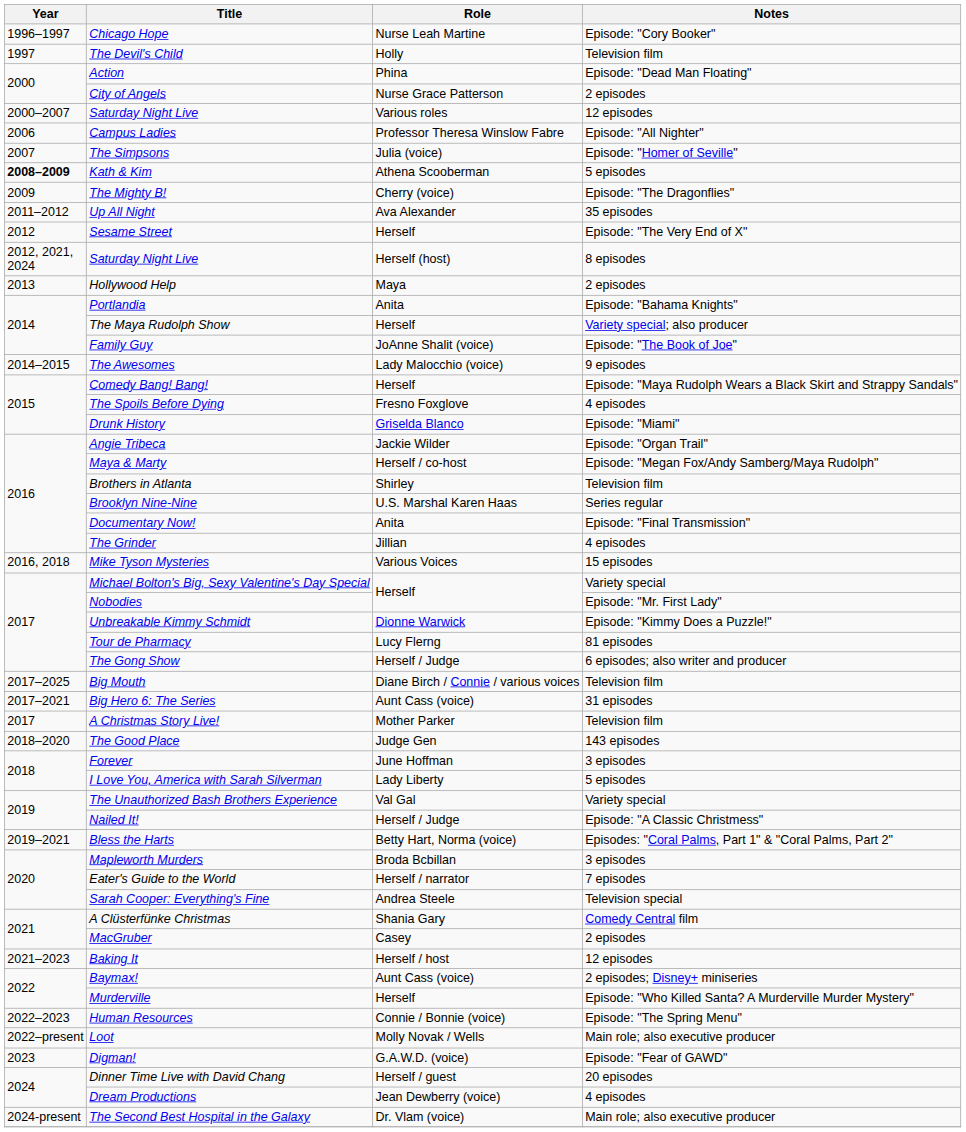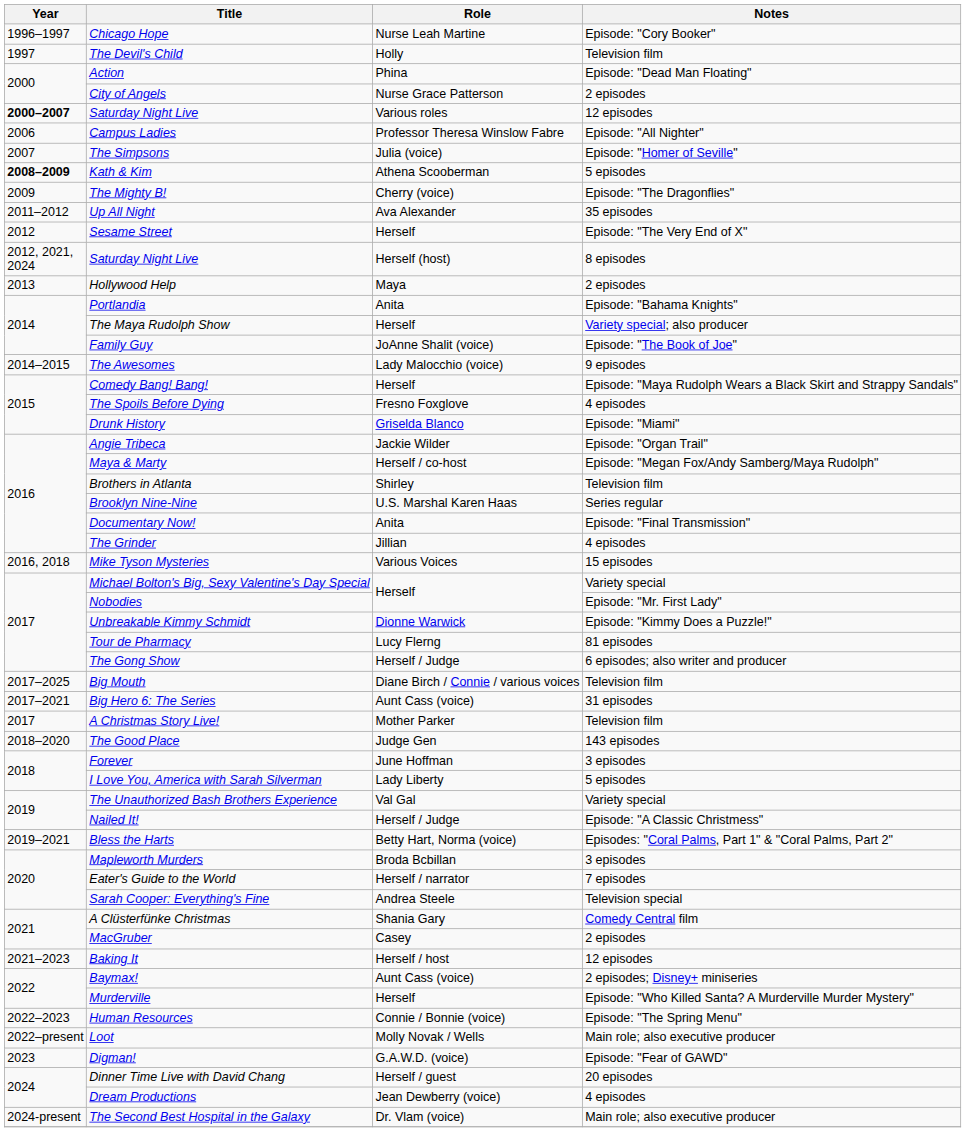 <table class="wikitable sortable">
 <tr>
 <th>Year</th>
 <th>Title</th>
 <th>Role</th>
 <th class="unsortable">Notes</th>
 </tr>
 <tr>
 <td>1996–1997</td>
 <td><em><a href='#'>Chicago Hope</a></em></td>
 <td>Nurse Leah Martine</td>
 <td>Episode: "Cory Booker"</td>
 </tr>
 <tr>
 <td>1997</td>
 <td><em><a href='#'>The Devil's Child</a></em></td>
 <td>Holly</td>
 <td>Television film</td>
 </tr>
 <tr>
 <td rowspan="2">2000</td>
 <td><em><a href='#'>Action</a></em></td>
 <td>Phina</td>
 <td>Episode: "Dead Man Floating"</td>
 </tr>
 <tr>
 <td><em><a href='#'>City of Angels</a></em></td>
 <td>Nurse Grace Patterson</td>
 <td>2 episodes</td>
 </tr>
 <tr>
-<td>2000–2007</td>
+<td><strong>2000–2007</strong></td>
 <td><em><a href='#'>Saturday Night Live</a></em></td>
 <td>Various roles</td>
 <td>12 episodes</td>
 </tr>
 <tr>
 <td>2006</td>
 <td><em><a href='#'>Campus Ladies</a></em></td>
 <td>Professor Theresa Winslow Fabre</td>
 <td>Episode: "All Nighter"</td>
 </tr>
 <tr>
 <td>2007</td>
 <td><em><a href='#'>The Simpsons</a></em></td>
 <td>Julia (voice)</td>
 <td>Episode: "<a href='#'>Homer of Seville</a>"</td>
 </tr>
 <tr>
 <td><strong>2008–2009</strong></td>
 <td><em><a href='#'>Kath & Kim</a></em></td>
 <td>Athena Scooberman</td>
 <td>5 episodes</td>
 </tr>
 <tr>
 <td>2009</td>
 <td><em><a href='#'>The Mighty B!</a></em></td>
 <td>Cherry (voice)</td>
 <td>Episode: "The Dragonflies"</td>
 </tr>
 <tr>
 <td>2011–2012</td>
 <td><em><a href='#'>Up All Night</a></em></td>
 <td>Ava Alexander</td>
 <td>35 episodes</td>
 </tr>
 <tr>
 <td>2012</td>
 <td><em><a href='#'>Sesame Street</a></em></td>
 <td>Herself</td>
 <td>Episode: "The Very End of X"</td>
 </tr>
 <tr>
 <td>2012, 2021,<br>2024</td>
 <td><em><a href='#'>Saturday Night Live</a></em></td>
 <td>Herself (host)</td>
 <td>8 episodes</td>
 </tr>
 <tr>
 <td>2013</td>
 <td><em>Hollywood Help</em></td>
 <td>Maya</td>
 <td>2 episodes</td>
 </tr>
 <tr>
 <td rowspan="3">2014</td>
 <td><em><a href='#'>Portlandia</a></em></td>
 <td>Anita</td>
 <td>Episode: "Bahama Knights"</td>
 </tr>
 <tr>
 <td><em>The Maya Rudolph Show</em></td>
 <td>Herself</td>
 <td><a href='#'>Variety special</a>; also producer</td>
 </tr>
 <tr>
 <td><em><a href='#'>Family Guy</a></em></td>
 <td>JoAnne Shalit (voice)</td>
 <td>Episode: "<a href='#'>The Book of Joe</a>"</td>
 </tr>
 <tr>
 <td>2014–2015</td>
 <td><em><a href='#'>The Awesomes</a></em></td>
 <td>Lady Malocchio (voice)</td>
 <td>9 episodes</td>
 </tr>
 <tr>
 <td rowspan="3">2015</td>
 <td><em><a href='#'>Comedy Bang! Bang!</a></em></td>
 <td>Herself</td>
 <td>Episode: "Maya Rudolph Wears a Black Skirt and Strappy Sandals"</td>
 </tr>
 <tr>
 <td><em><a href='#'>The Spoils Before Dying</a></em></td>
 <td>Fresno Foxglove</td>
 <td>4 episodes</td>
 </tr>
 <tr>
 <td><em><a href='#'>Drunk History</a></em></td>
 <td><a href='#'>Griselda Blanco</a></td>
 <td>Episode: "Miami"</td>
 </tr>
 <tr>
 <td rowspan="6">2016</td>
 <td><em><a href='#'>Angie Tribeca</a></em></td>
 <td>Jackie Wilder</td>
 <td>Episode: "Organ Trail"</td>
 </tr>
 <tr>
 <td><em><a href='#'>Maya & Marty</a></em></td>
 <td>Herself / co-host</td>
 <td>Episode: "Megan Fox/Andy Samberg/Maya Rudolph"</td>
 </tr>
 <tr>
 <td><em>Brothers in Atlanta</em></td>
 <td>Shirley</td>
 <td>Television film</td>
 </tr>
 <tr>
 <td><em><a href='#'>Brooklyn Nine-Nine</a></em></td>
 <td>U.S. Marshal Karen Haas</td>
 <td>Series regular</td>
 </tr>
 <tr>
 <td><em><a href='#'>Documentary Now!</a></em></td>
 <td>Anita</td>
 <td>Episode: "Final Transmission"</td>
 </tr>
 <tr>
 <td><em><a href='#'>The Grinder</a></em></td>
 <td>Jillian</td>
 <td>4 episodes</td>
 </tr>
 <tr>
 <td>2016, 2018</td>
 <td><em><a href='#'>Mike Tyson Mysteries</a></em></td>
 <td>Various Voices</td>
 <td>15 episodes</td>
 </tr>
 <tr>
 <td rowspan="5">2017</td>
 <td><em><a href='#'>Michael Bolton's Big, Sexy Valentine's Day Special</a></em></td>
 <td rowspan="2">Herself</td>
 <td>Variety special</td>
 </tr>
 <tr>
 <td><em><a href='#'>Nobodies</a></em></td>
 <td>Episode: "Mr. First Lady"</td>
 </tr>
 <tr>
 <td><em><a href='#'>Unbreakable Kimmy Schmidt</a></em></td>
 <td><a href='#'>Dionne Warwick</a></td>
 <td>Episode: "Kimmy Does a Puzzle!"</td>
 </tr>
 <tr>
 <td><em><a href='#'>Tour de Pharmacy</a></em></td>
 <td>Lucy Flerng</td>
 <td>81 episodes</td>
 </tr>
 <tr>
 <td><em><a href='#'>The Gong Show</a></em></td>
 <td>Herself / Judge</td>
 <td>6 episodes; also writer and producer</td>
 </tr>
 <tr>
 <td>2017–2025</td>
 <td><em><a href='#'>Big Mouth</a></em></td>
 <td>Diane Birch / <a href='#'>Connie</a> / various voices</td>
 <td>Television film</td>
 </tr>
 <tr>
 <td>2017–2021</td>
 <td><em><a href='#'>Big Hero 6: The Series</a></em></td>
 <td>Aunt Cass (voice)</td>
 <td>31 episodes</td>
 </tr>
 <tr>
 <td>2017</td>
 <td><em><a href='#'>A Christmas Story Live!</a></em></td>
 <td>Mother Parker</td>
 <td>Television film</td>
 </tr>
 <tr>
 <td>2018–2020</td>
 <td><em><a href='#'>The Good Place</a></em></td>
 <td>Judge Gen</td>
 <td>143 episodes</td>
 </tr>
 <tr>
 <td rowspan="2">2018</td>
 <td><em><a href='#'>Forever</a></em></td>
 <td>June Hoffman</td>
 <td>3 episodes</td>
 </tr>
 <tr>
 <td><em><a href='#'>I Love You, America with Sarah Silverman</a></em></td>
 <td>Lady Liberty</td>
 <td>5 episodes</td>
 </tr>
 <tr>
 <td rowspan="2">2019</td>
 <td><em><a href='#'>The Unauthorized Bash Brothers Experience</a></em></td>
 <td>Val Gal</td>
 <td>Variety special</td>
 </tr>
 <tr>
 <td><em><a href='#'>Nailed It!</a></em></td>
 <td>Herself / Judge</td>
 <td>Episode: "A Classic Christmess"</td>
 </tr>
 <tr>
 <td>2019–2021</td>
 <td><em><a href='#'>Bless the Harts</a></em></td>
 <td>Betty Hart, Norma (voice)</td>
 <td>Episodes: "<a href='#'>Coral Palms</a>, Part 1" & "Coral Palms, Part 2"</td>
 </tr>
 <tr>
 <td rowspan="3">2020</td>
 <td><em><a href='#'>Mapleworth Murders</a></em></td>
 <td>Broda Bcbillan</td>
 <td>3 episodes</td>
 </tr>
 <tr>
 <td><em>Eater's Guide to the World</em></td>
 <td>Herself / narrator</td>
 <td>7 episodes</td>
 </tr>
 <tr>
 <td><em><a href='#'>Sarah Cooper: Everything's Fine</a></em></td>
 <td>Andrea Steele</td>
 <td>Television special</td>
 </tr>
 <tr>
 <td rowspan="2">2021</td>
 <td><em>A Clüsterfünke Christmas</em></td>
 <td>Shania Gary</td>
 <td><a href='#'>Comedy Central</a> film</td>
 </tr>
 <tr>
 <td><em><a href='#'>MacGruber</a></em></td>
 <td>Casey</td>
 <td>2 episodes</td>
 </tr>
 <tr>
 <td>2021–2023</td>
 <td><em><a href='#'>Baking It</a></em></td>
 <td>Herself / host</td>
 <td>12 episodes</td>
 </tr>
 <tr>
 <td rowspan="2">2022</td>
 <td><em><a href='#'>Baymax!</a></em></td>
 <td>Aunt Cass (voice)</td>
 <td>2 episodes; <a href='#'>Disney+</a> miniseries</td>
 </tr>
 <tr>
 <td><em><a href='#'>Murderville</a></em></td>
 <td>Herself</td>
 <td>Episode: "Who Killed Santa? A Murderville Murder Mystery"</td>
 </tr>
 <tr>
 <td>2022–2023</td>
 <td><em><a href='#'>Human Resources</a></em></td>
 <td>Connie / Bonnie (voice)</td>
 <td>Episode: "The Spring Menu"</td>
 </tr>
 <tr>
 <td>2022–present</td>
 <td><em><a href='#'>Loot</a></em></td>
 <td>Molly Novak / Wells</td>
 <td>Main role; also executive producer</td>
 </tr>
 <tr>
 <td>2023</td>
 <td><em><a href='#'>Digman!</a></em></td>
 <td>G.A.W.D. (voice)</td>
 <td>Episode: "Fear of GAWD"</td>
 </tr>
 <tr>
 <td rowspan="2">2024</td>
 <td><em>Dinner Time Live with David Chang</em></td>
 <td>Herself / guest</td>
 <td>20 episodes</td>
 </tr>
 <tr>
 <td><em><a href='#'>Dream Productions</a></em></td>
 <td>Jean Dewberry (voice)</td>
 <td>4 episodes</td>
 </tr>
 <tr>
 <td>2024-present</td>
 <td><em><a href='#'>The Second Best Hospital in the Galaxy</a></em></td>
 <td>Dr. Vlam (voice)</td>
 <td>Main role; also executive producer</td>
 </tr>
 <tr>
 </tr>
 </table>
